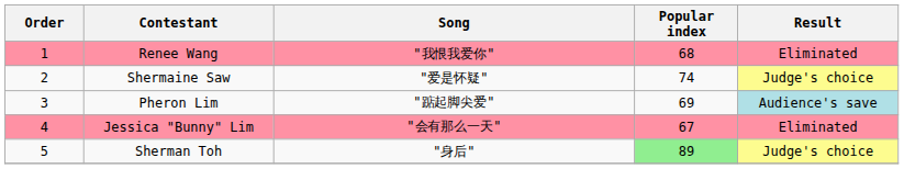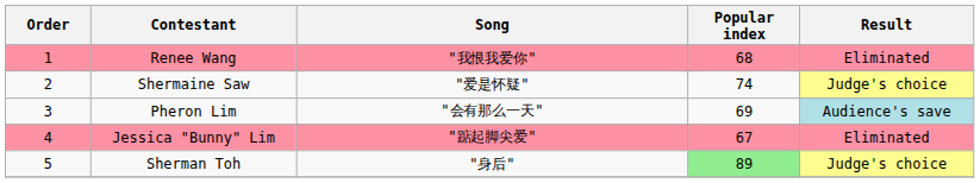 <table class="wikitable" style="text-align:center; width:70%;">
 <tr>
 <th scope="col" style="width:4%;">Order</th>
 <th scope="col" style="width:11%;">Contestant</th>
 <th scope="col" style="width:21%;">Song</th>
 <th scope="col" style="width:5%;">Popular index</th>
 <th scope="col" style="width:9%;">Result</th>
 </tr>
 <tr style="background:#FF91A4;">
 <td>1</td>
 <td>Renee Wang</td>
 <td>"我恨我爱你"</td>
 <td>68</td>
 <td style="background:#FF91A4;">Eliminated</td>
 </tr>
 <tr>
 <td>2</td>
 <td>Shermaine Saw</td>
 <td>"爱是怀疑"</td>
 <td>74</td>
 <td style="background:#fdfc8f;">Judge's choice</td>
 </tr>
 <tr>
 <td>3</td>
 <td>Pheron Lim</td>
-<td>"踮起脚尖爱"</td>
+<td>"会有那么一天"</td>
 <td>69</td>
 <td style="background:#B0E0E6;">Audience's save</td>
 </tr>
 <tr style="background:#FF91A4;">
 <td>4</td>
 <td>Jessica "Bunny" Lim</td>
-<td>"会有那么一天"</td>
+<td>"踮起脚尖爱"</td>
 <td>67</td>
 <td style="background:#FF91A4;">Eliminated</td>
 </tr>
 <tr>
 <td>5</td>
 <td>Sherman Toh</td>
 <td>"身后"</td>
 <td style="background: lightgreen;">89</td>
 <td style="background:#fdfc8f;">Judge's choice</td>
 </tr>
 <tr>
 </tr>
 </table>
